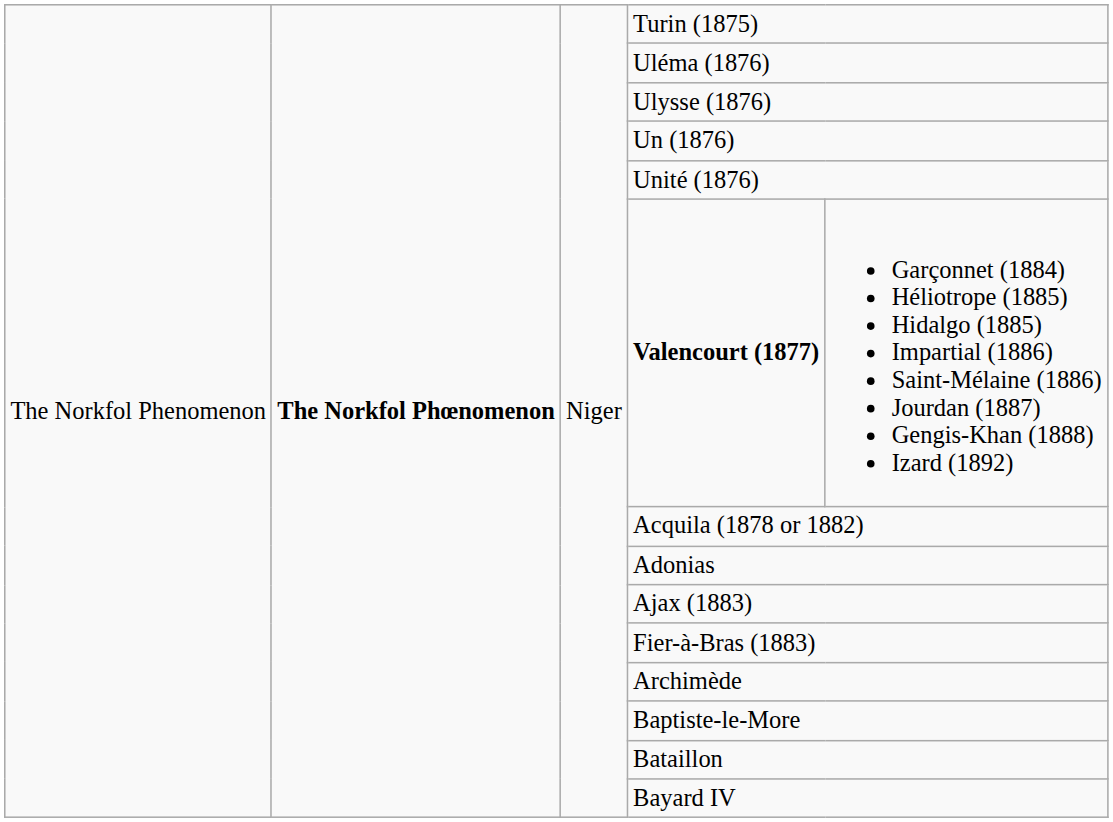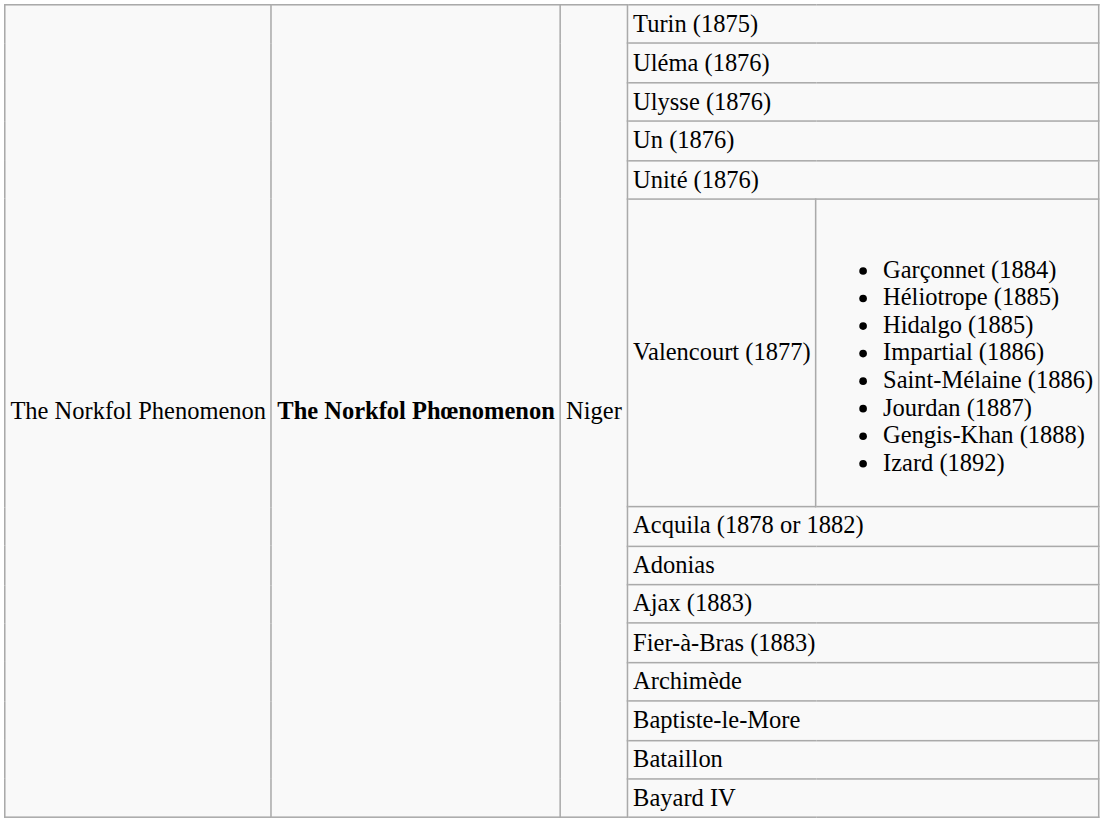 <table class="wikitable">
 <tr>
 <td rowspan="14">The Norkfol Phenomenon</td>
 <td rowspan="14"><strong>The Norkfol Phœnomenon</strong></td>
 <td rowspan="14">Niger</td>
 <td colspan="2">Turin (1875)</td>
 </tr>
 <tr>
 <td colspan="2">Uléma (1876)</td>
 </tr>
 <tr>
 <td colspan="2">Ulysse (1876)</td>
 </tr>
 <tr>
 <td colspan="2">Un (1876)</td>
 </tr>
 <tr>
 <td colspan="2">Unité (1876)</td>
 </tr>
 <tr>
-<td><strong>Valencourt (1877)</strong></td>
+<td>Valencourt (1877)</td>
 <td><br><ul><li>Garçonnet (1884)</li><li>Héliotrope (1885)</li><li>Hidalgo (1885)</li><li>Impartial (1886)</li><li>Saint-Mélaine (1886)</li><li>Jourdan (1887)</li><li>Gengis-Khan (1888)</li><li>Izard (1892)</li></ul></td>
 </tr>
 <tr>
 <td colspan="2">Acquila (1878 or 1882)</td>
 </tr>
 <tr>
 <td colspan="2">Adonias</td>
 </tr>
 <tr>
 <td colspan="2">Ajax (1883)</td>
 </tr>
 <tr>
 <td colspan="2">Fier-à-Bras (1883)</td>
 </tr>
 <tr>
 <td colspan="2">Archimède</td>
 </tr>
 <tr>
 <td colspan="2">Baptiste-le-More</td>
 </tr>
 <tr>
 <td colspan="2">Bataillon</td>
 </tr>
 <tr>
 <td colspan="2">Bayard <abbr>IV</abbr></td>
 </tr>
 </table>
